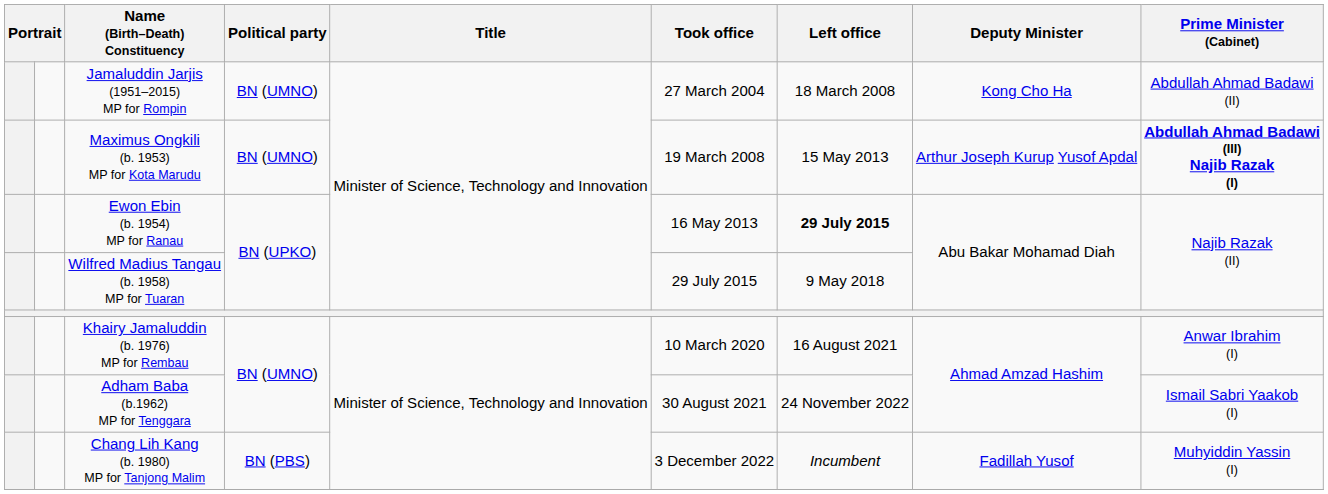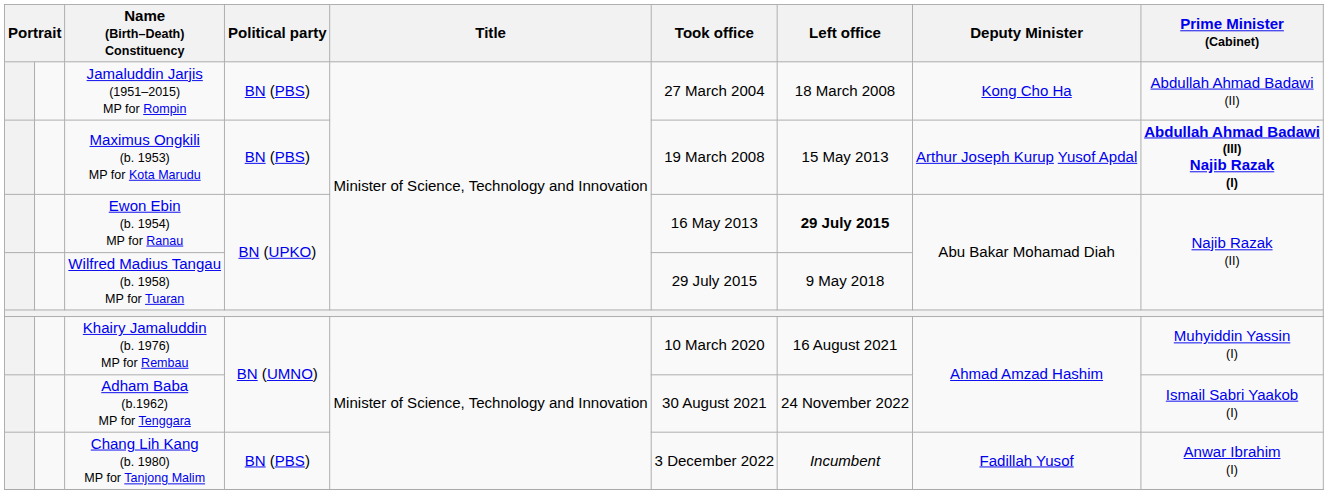 <table class="wikitable" style="text-align:center;">
 <tr>
 <th colspan=2>Portrait</th>
 <th>Name<br><small>(Birth–Death)<br>Constituency</small></th>
 <th>Political party</th>
 <th>Title</th>
 <th>Took office</th>
 <th>Left office</th>
 <th>Deputy Minister</th>
 <th><a href='#'>Prime Minister</a><br><small>(Cabinet)</small></th>
 </tr>
 <tr>
 <th style="background:"></th>
 <td></td>
 <td><a href='#'>Jamaluddin Jarjis</a><br><small>(1951–2015)<br>MP for <a href='#'>Rompin</a></small></td>
-<td><a href='#'>BN</a> (<a href='#'>UMNO</a>)</td>
+<td><a href='#'>BN</a> (<a href='#'>PBS</a>)</td>
 <td rowspan=4>Minister of Science, Technology and Innovation</td>
 <td>27 March 2004</td>
 <td>18 March 2008</td>
 <td><a href='#'>Kong Cho Ha</a></td>
 <td><a href='#'>Abdullah Ahmad Badawi</a><br><small>(II)</small></td>
 </tr>
 <tr>
 <th style="background:"></th>
 <td></td>
 <td><a href='#'>Maximus Ongkili</a><br><small>(b. 1953)<br>MP for <a href='#'>Kota Marudu</a></small></td>
-<td><a href='#'>BN</a> (<a href='#'>UMNO</a>)</td>
+<td><a href='#'>BN</a> (<a href='#'>PBS</a>)</td>
 <td>19 March 2008</td>
 <td>15 May 2013</td>
 <td><a href='#'>Arthur Joseph Kurup</a>    <a href='#'>Yusof Apdal</a> </td>
 <td><strong><a href='#'>Abdullah Ahmad Badawi</a><br><small>(III)</small><br><a href='#'>Najib Razak</a><br><small>(I)</small></strong></td>
 </tr>
 <tr>
 <th style="background:"></th>
 <td></td>
 <td><a href='#'>Ewon Ebin</a><br><small>(b. 1954)<br>MP for <a href='#'>Ranau</a></small></td>
 <td rowspan=2><a href='#'>BN</a> (<a href='#'>UPKO</a>)</td>
 <td>16 May 2013</td>
 <td><strong>29 July 2015</strong></td>
 <td rowspan="2">Abu Bakar Mohamad Diah</td>
 <td rowspan="2"><a href='#'>Najib Razak</a><br><small>(II)</small></td>
 </tr>
 <tr>
 <th style="background:"></th>
 <td></td>
 <td><a href='#'>Wilfred Madius Tangau</a><br><small>(b. 1958)<br>MP for <a href='#'>Tuaran</a></small></td>
 <td>29 July 2015</td>
 <td>9 May 2018</td>
 </tr>
 <tr>
 <th colspan="9" bgcolor="cccccc"></th>
 </tr>
 <tr>
 <th style="background:"></th>
 <td></td>
 <td><a href='#'>Khairy Jamaluddin</a><br><small>(b. 1976)<br>MP for <a href='#'>Rembau</a></small></td>
 <td rowspan=2><a href='#'>BN</a> (<a href='#'>UMNO</a>)</td>
 <td rowspan=3>Minister of Science, Technology and Innovation</td>
 <td>10 March 2020</td>
 <td>16 August 2021</td>
 <td rowspan="2"><a href='#'>Ahmad Amzad Hashim</a></td>
-<td><a href='#'>Anwar Ibrahim</a><br><small>(I)</small></td>
+<td><a href='#'>Muhyiddin Yassin</a><br><small>(I)</small></td>
 </tr>
 <tr>
 <th style="background:"></th>
 <td></td>
 <td><a href='#'>Adham Baba</a><br><small>(b.1962)<br>MP for <a href='#'>Tenggara</a></small></td>
 <td>30 August 2021</td>
 <td>24 November 2022</td>
 <td><a href='#'>Ismail Sabri Yaakob</a><br><small>(I)</small></td>
 </tr>
 <tr>
 <th style="background:"></th>
 <td></td>
 <td><a href='#'>Chang Lih Kang</a><br><small>(b. 1980)<br>MP for <a href='#'>Tanjong Malim</a></small></td>
 <td><a href='#'>BN</a> (<a href='#'>PBS</a>)</td>
 <td>3 December 2022</td>
 <td><em>Incumbent</em></td>
 <td><a href='#'>Fadillah Yusof</a></td>
-<td><a href='#'>Muhyiddin Yassin</a><br><small>(I)</small></td>
+<td><a href='#'>Anwar Ibrahim</a><br><small>(I)</small></td>
 </tr>
 <tr>
 </tr>
 </table>
